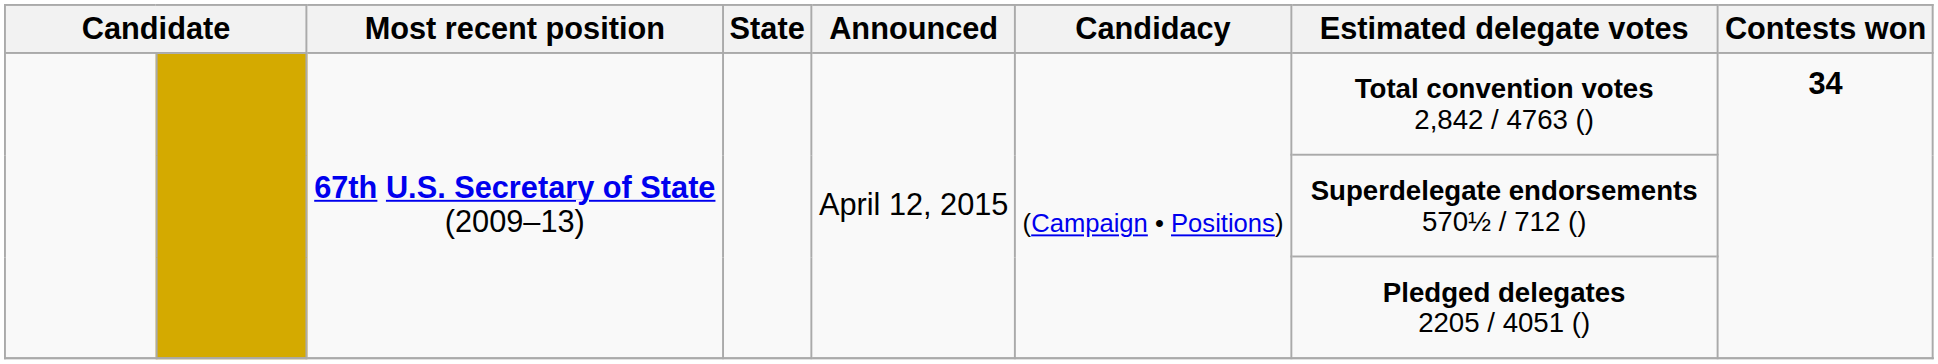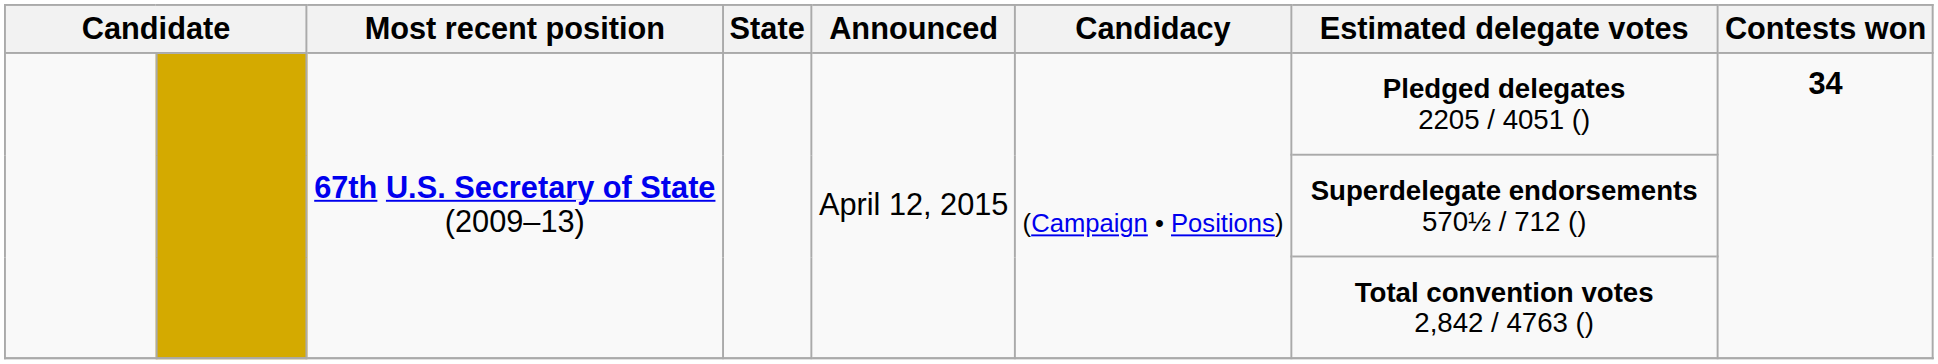 <table class="wikitable" style="text-align:center">
 <tr>
 <th colspan="2" style="width:150px;">Candidate</th>
 <th>Most recent position</th>
 <th>State</th>
 <th>Announced</th>
 <th>Candidacy</th>
 <th>Estimated delegate votes</th>
 <th>Contests won</th>
 </tr>
 <tr>
 <td rowspan="3"> <br><big><strong></strong></big></td>
 <td style="background:#D4AA00;" rowspan="3"></td>
 <td rowspan="3"><strong><a href='#'>67th</a> <a href='#'>U.S. Secretary of State</a></strong><br> (2009–13)</td>
 <td rowspan="3"></td>
 <td rowspan="3">April 12, 2015</td>
 <td rowspan="3"><br><small>(<a href='#'>Campaign</a> • <a href='#'>Positions</a>)</small><small><br></small></td>
-<td style="font-size:90%; padding:10px;"><strong>Total convention votes</strong> <br> 2,842 / 4763 ()</td>
+<td style="font-size:90%; padding:10px;"><strong>Pledged delegates</strong> <br> 2205 / 4051 ()<br> </td>
 <td rowspan="3"><strong>34</strong> <br><br><br><br><br><br><br><br></td>
 </tr>
 <tr>
 <td style="font-size:90%; padding:10px;"><strong>Superdelegate endorsements</strong> <br> 570½ / 712 ()<br> </td>
 </tr>
 <tr>
-<td style="font-size:90%; padding:10px;"><strong>Pledged delegates</strong> <br> 2205 / 4051 ()<br> </td>
+<td style="font-size:90%; padding:10px;"><strong>Total convention votes</strong> <br> 2,842 / 4763 ()</td>
 </tr>
 <tr>
 </tr>
 </table>
